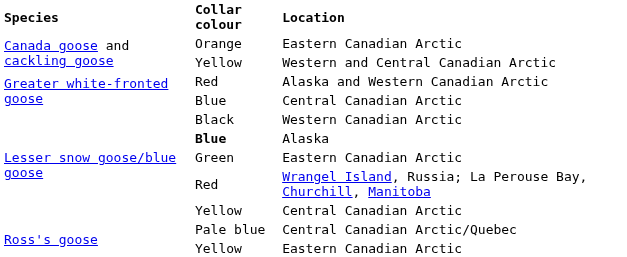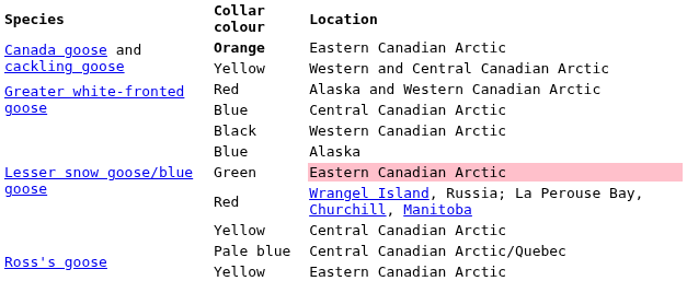 <table>
 <tr>
 <th align="left">Species</th>
 <th align="left">Collar colour</th>
 <th align="left">Location</th>
 </tr>
 <tr>
 <td rowspan="2"><a href='#'>Canada goose</a> and <a href='#'>cackling goose</a></td>
-<td>Orange</td>
+<td><strong>Orange</strong></td>
 <td>Eastern Canadian Arctic</td>
 </tr>
 <tr>
 <td>Yellow</td>
 <td>Western and Central Canadian Arctic</td>
 </tr>
 <tr>
 <td rowspan="2"><a href='#'>Greater white-fronted goose</a></td>
 <td>Red</td>
 <td>Alaska and Western Canadian Arctic</td>
 </tr>
 <tr>
 <td>Blue</td>
 <td>Central Canadian Arctic</td>
 </tr>
 <tr>
 <td rowspan="5"><a href='#'>Lesser snow goose/blue goose</a></td>
 <td>Black</td>
 <td>Western Canadian Arctic</td>
 </tr>
 <tr>
-<td><strong>Blue</strong></td>
+<td>Blue</td>
 <td>Alaska</td>
 </tr>
 <tr>
 <td>Green</td>
-<td>Eastern Canadian Arctic</td>
+<td style="background: pink;">Eastern Canadian Arctic</td>
 </tr>
 <tr>
 <td>Red</td>
 <td><a href='#'>Wrangel Island</a>, Russia; La Perouse Bay, <a href='#'>Churchill</a>, <a href='#'>Manitoba</a></td>
 </tr>
 <tr>
 <td>Yellow</td>
 <td>Central Canadian Arctic</td>
 </tr>
 <tr>
 <td rowspan="2"><a href='#'>Ross's goose</a></td>
 <td>Pale blue</td>
 <td>Central Canadian Arctic/Quebec</td>
 </tr>
 <tr>
 <td>Yellow</td>
 <td>Eastern Canadian Arctic</td>
 </tr>
 </table>
